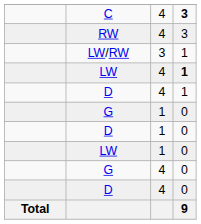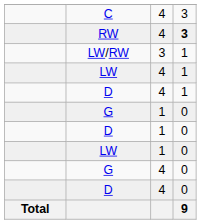 <table class="wikitable sortable" width ="40%">
 <tr align="center">
 </tr>
 <tr align="center" bgcolor="">
 <td></td>
 <td><a href='#'>C</a></td>
 <td>4</td>
-<td><strong>3</strong></td>
+<td>3</td>
 </tr>
 <tr align="center" bgcolor="f0f0f0">
 <td></td>
 <td><a href='#'>RW</a></td>
 <td>4</td>
-<td>3</td>
+<td><strong>3</strong></td>
 </tr>
 <tr align="center" bgcolor="">
 <td></td>
 <td><a href='#'>LW</a>/<a href='#'>RW</a></td>
 <td>3</td>
 <td>1</td>
 </tr>
 <tr align="center" bgcolor="f0f0f0">
 <td></td>
 <td><a href='#'>LW</a></td>
 <td>4</td>
-<td><strong>1</strong></td>
+<td>1</td>
 </tr>
 <tr align="center" bgcolor="">
 <td></td>
 <td><a href='#'>D</a></td>
 <td>4</td>
 <td>1</td>
 </tr>
 <tr align="center" bgcolor="f0f0f0">
 <td></td>
 <td><a href='#'>G</a></td>
 <td>1</td>
 <td>0</td>
 </tr>
 <tr align="center" bgcolor="">
 <td></td>
 <td><a href='#'>D</a></td>
 <td>1</td>
 <td>0</td>
 </tr>
 <tr align="center" bgcolor="f0f0f0">
 <td></td>
 <td><a href='#'>LW</a></td>
 <td>1</td>
 <td>0</td>
 </tr>
 <tr align="center" bgcolor="">
 <td></td>
 <td><a href='#'>G</a></td>
 <td>4</td>
 <td>0</td>
 </tr>
 <tr align="center" bgcolor="f0f0f0">
 <td></td>
 <td><a href='#'>D</a></td>
 <td>4</td>
 <td>0</td>
 </tr>
 <tr>
 <th>Total</th>
 <th></th>
 <th></th>
 <th>9</th>
 </tr>
 </table>
